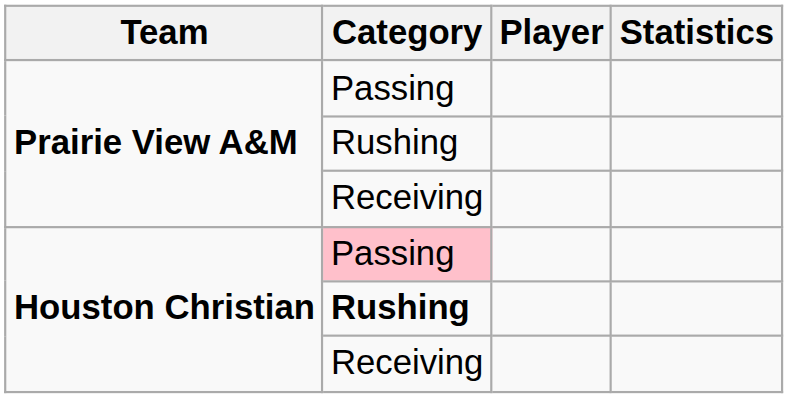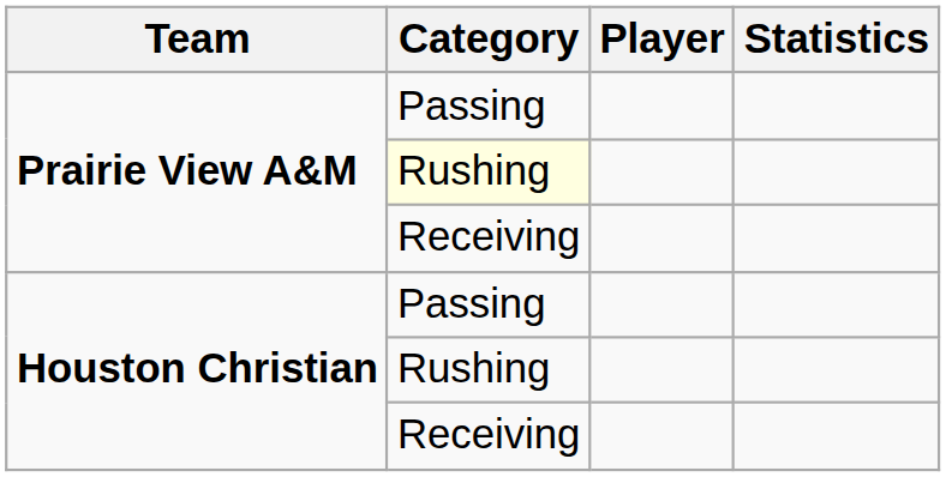 <table class="wikitable" style="float: right;">
 <tr>
 <th>Team</th>
 <th>Category</th>
 <th>Player</th>
 <th>Statistics</th>
 </tr>
 <tr>
 <td rowspan=3><strong>Prairie View A&M</strong></td>
 <td>Passing</td>
 <td></td>
 <td></td>
 </tr>
 <tr>
-<td>Rushing</td>
+<td style="background: lightyellow;">Rushing</td>
 <td></td>
 <td></td>
 </tr>
 <tr>
 <td>Receiving</td>
 <td></td>
 <td></td>
 </tr>
 <tr>
 <td rowspan=3><strong>Houston Christian</strong></td>
-<td style="background: pink;">Passing</td>
+<td>Passing</td>
 <td></td>
 <td></td>
 </tr>
 <tr>
-<td><strong>Rushing</strong></td>
+<td>Rushing</td>
 <td></td>
 <td></td>
 </tr>
 <tr>
 <td>Receiving</td>
 <td></td>
 <td></td>
 </tr>
 </table>
